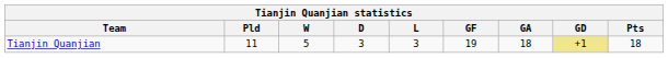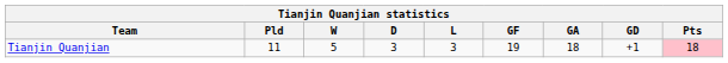 <table width=70% class="wikitable" style="text-align:">
 <tr>
 <th colspan=9>Tianjin Quanjian statistics</th>
 </tr>
 <tr>
 <th width=20%>Team</th>
 <th width=5%>Pld</th>
 <th width=5%>W</th>
 <th width=5%>D</th>
 <th width=5%>L</th>
 <th width=5%>GF</th>
 <th width=5%>GA</th>
 <th width=5%>GD</th>
 <th width=5%>Pts</th>
 </tr>
 <tr align=center>
 <td align=left> <a href='#'>Tianjin Quanjian</a></td>
 <td>11</td>
 <td>5</td>
 <td>3</td>
 <td>3</td>
 <td>19</td>
 <td>18</td>
-<td style="background: khaki;">+1</td>
-<td>18</td>
+<td>+1</td>
+<td style="background: pink;">18</td>
 </tr>
 </table>
